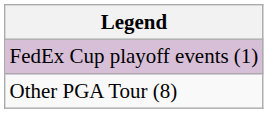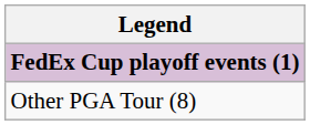 <table class="wikitable" style="font-size:95%;">
 <tr>
 <th>Legend</th>
 </tr>
 <tr style="background:#D8BFD8;">
-<td>FedEx Cup playoff events (1)</td>
+<td><strong>FedEx Cup playoff events (1)</strong></td>
 </tr>
 <tr>
 <td>Other PGA Tour (8)</td>
 </tr>
 </table>
